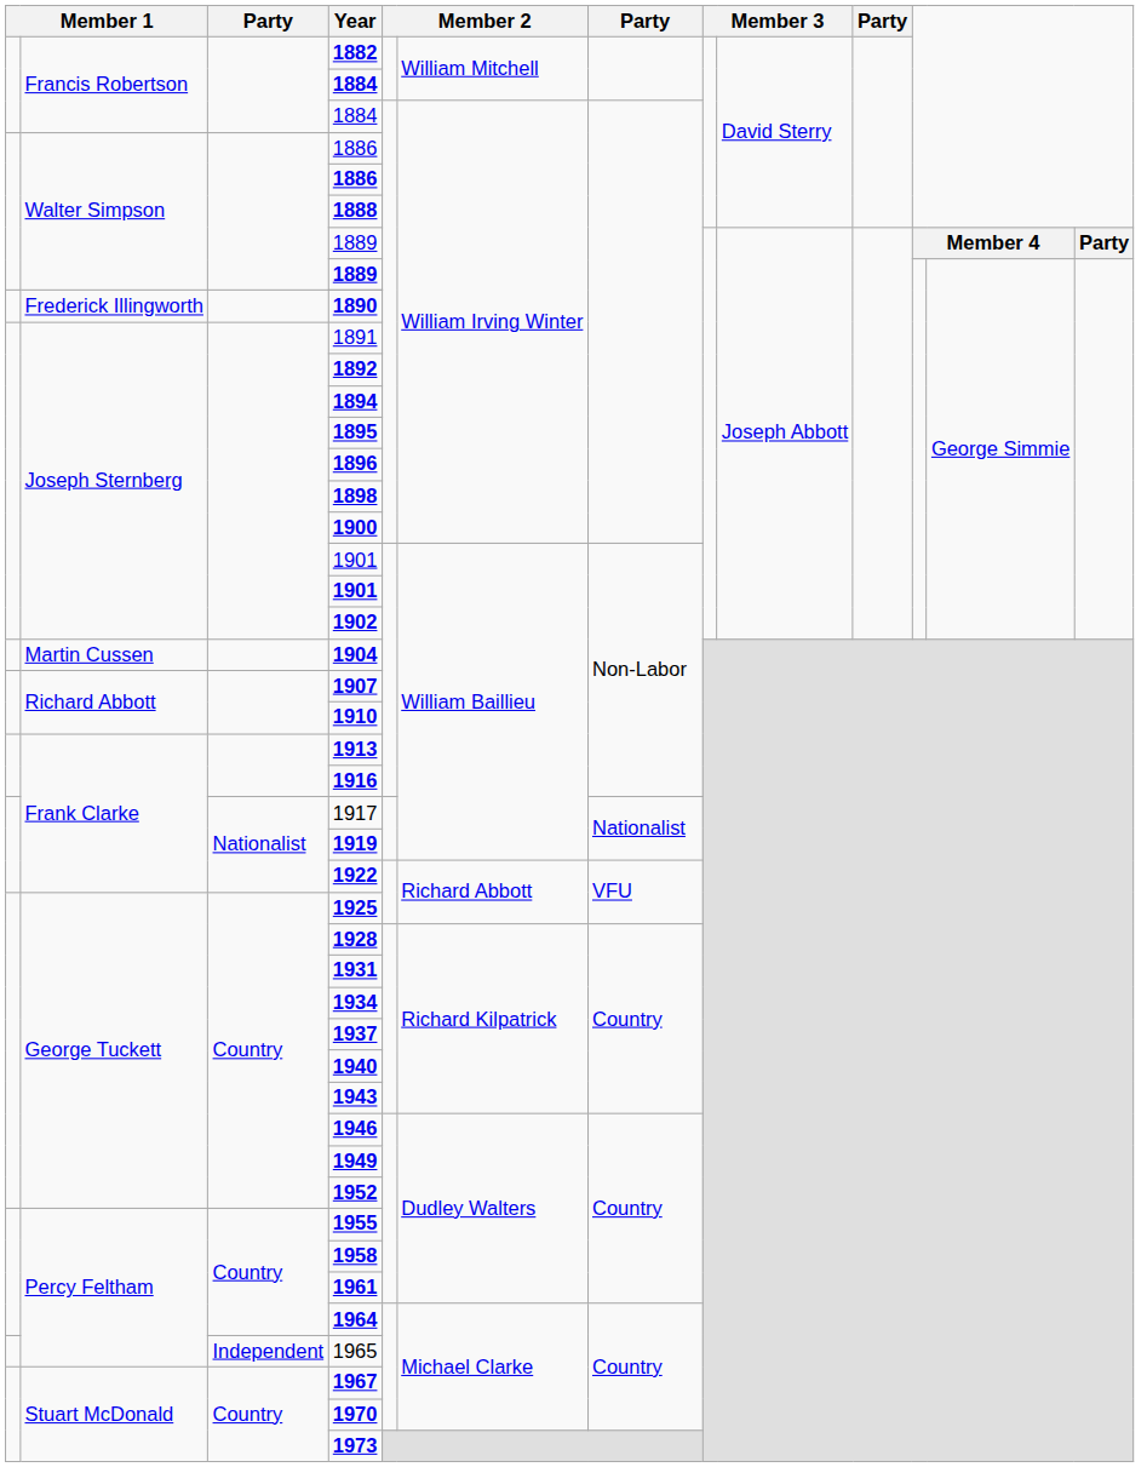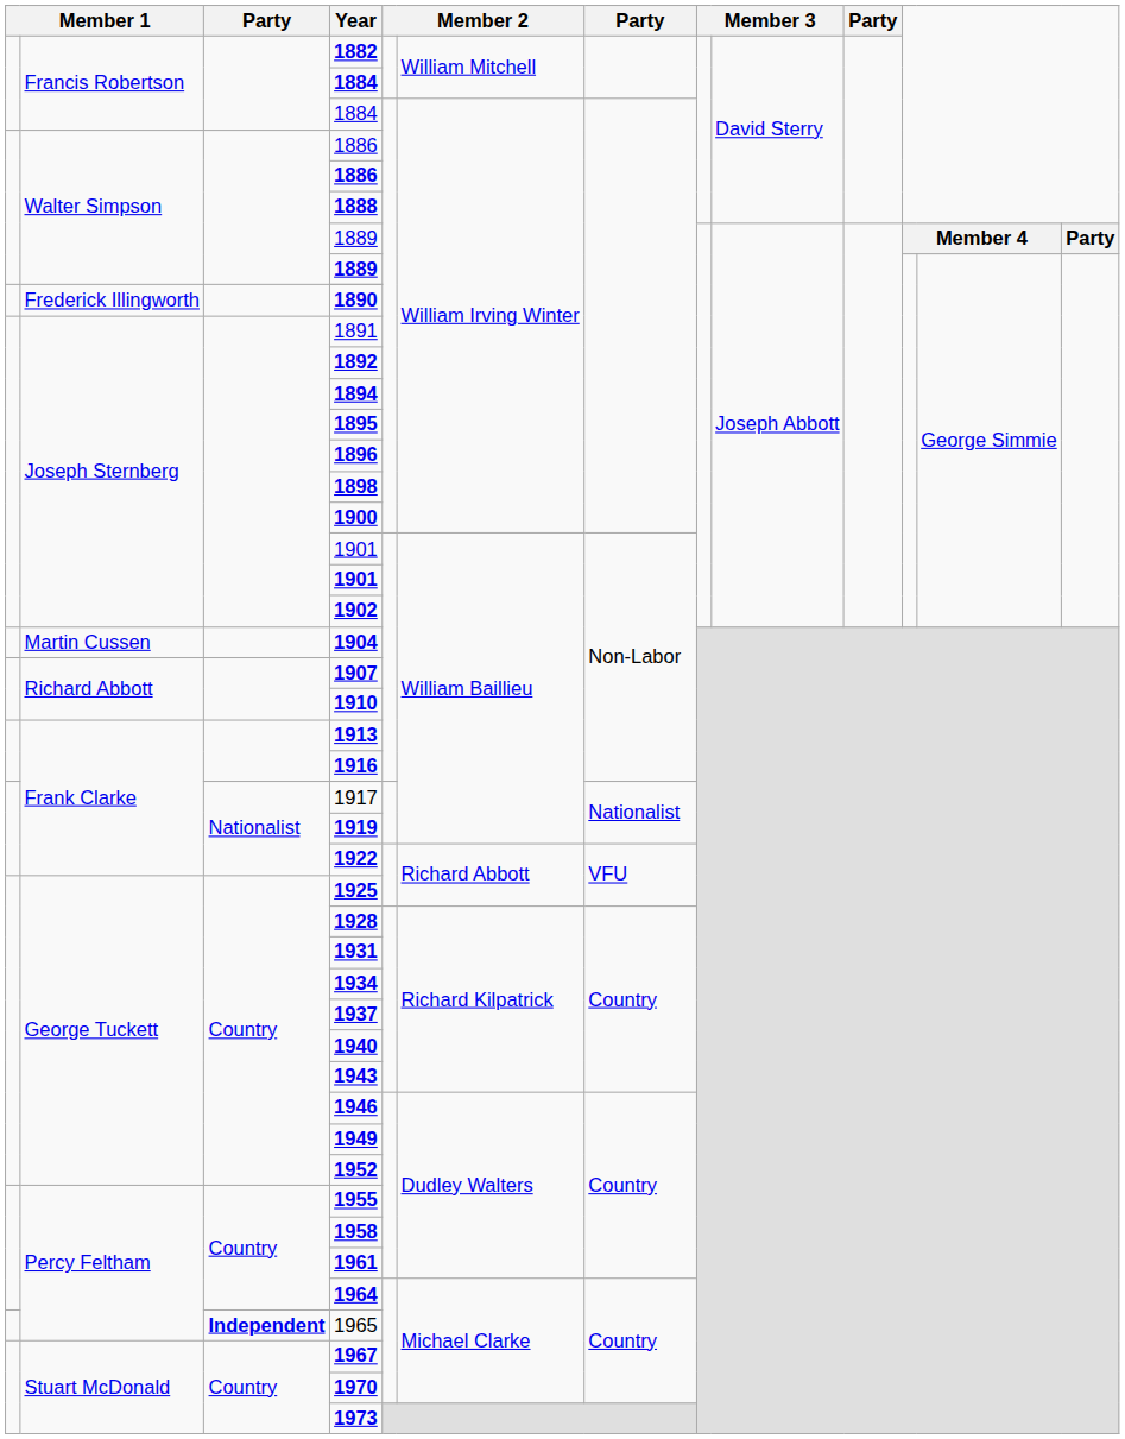 <table class="wikitable">
 <tr>
 <th colspan=2>Member 1</th>
 <th>Party</th>
 <th>Year</th>
 <th colspan=2>Member 2</th>
 <th>Party</th>
 <th colspan=2>Member 3</th>
 <th>Party</th>
 </tr>
 <tr>
 <td rowspan=3 > </td>
 <td rowspan=3><a href='#'>Francis Robertson</a></td>
 <td rowspan=3> </td>
 <td><strong><a href='#'>1882</a></strong></td>
 <td rowspan=2 > </td>
 <td rowspan=2><a href='#'>William Mitchell</a></td>
 <td rowspan=2> </td>
 <td rowspan=6 > </td>
 <td rowspan=6><a href='#'>David Sterry</a></td>
 <td rowspan=6> </td>
 </tr>
 <tr>
 <td><strong><a href='#'>1884</a></strong></td>
 </tr>
 <tr>
 <td><a href='#'>1884</a></td>
 <td rowspan=15 > </td>
 <td rowspan=15><a href='#'>William Irving Winter</a></td>
 <td rowspan=15> </td>
 </tr>
 <tr>
 <td rowspan=5 > </td>
 <td rowspan=5><a href='#'>Walter Simpson</a></td>
 <td rowspan=5> </td>
 <td><a href='#'>1886</a></td>
 </tr>
 <tr>
 <td><strong><a href='#'>1886</a></strong></td>
 </tr>
 <tr>
 <td><strong><a href='#'>1888</a></strong></td>
 </tr>
 <tr>
 <td><a href='#'>1889</a></td>
 <td rowspan=14 > </td>
 <td rowspan=14><a href='#'>Joseph Abbott</a></td>
 <td rowspan=14> </td>
 <th colspan=2>Member 4</th>
 <th>Party</th>
 </tr>
 <tr>
 <td><strong><a href='#'>1889</a></strong></td>
 <td rowspan=13 > </td>
 <td rowspan=13><a href='#'>George Simmie</a></td>
 <td rowspan=13> </td>
 </tr>
 <tr>
 <td rowspan=2 > </td>
 <td rowspan=2><a href='#'>Frederick Illingworth</a></td>
 <td rowspan=2> </td>
 </tr>
 <tr>
 <td><strong><a href='#'>1890</a></strong></td>
 </tr>
 <tr>
 <td rowspan=10 > </td>
 <td rowspan=10><a href='#'>Joseph Sternberg</a></td>
 <td rowspan=10> </td>
 <td><a href='#'>1891</a></td>
 </tr>
 <tr>
 <td><strong><a href='#'>1892</a></strong></td>
 </tr>
 <tr>
 <td><strong><a href='#'>1894</a></strong></td>
 </tr>
 <tr>
 <td><strong><a href='#'>1895</a></strong></td>
 </tr>
 <tr>
 <td><strong><a href='#'>1896</a></strong></td>
 </tr>
 <tr>
 <td><strong><a href='#'>1898</a></strong></td>
 </tr>
 <tr>
 <td><strong><a href='#'>1900</a></strong></td>
 </tr>
 <tr>
 <td><a href='#'>1901</a></td>
 <td rowspan=8 > </td>
 <td rowspan=10><a href='#'>William Baillieu</a></td>
 <td rowspan=8>Non-Labor  </td>
 </tr>
 <tr>
 <td><strong><a href='#'>1901</a></strong></td>
 </tr>
 <tr>
 <td><strong><a href='#'>1902</a></strong></td>
 </tr>
 <tr>
 <td> </td>
 <td><a href='#'>Martin Cussen</a></td>
 <td> </td>
 <td><strong><a href='#'>1904</a></strong></td>
 <td rowspan=26 colspan=6 bgcolor=#DFDFDF> </td>
 </tr>
 <tr>
 <td rowspan=2 > </td>
 <td rowspan=2><a href='#'>Richard Abbott</a></td>
 <td rowspan=2> </td>
 <td><strong><a href='#'>1907</a></strong></td>
 </tr>
 <tr>
 <td><strong><a href='#'>1910</a></strong></td>
 </tr>
 <tr>
 <td rowspan=2 > </td>
 <td rowspan=5><a href='#'>Frank Clarke</a></td>
 <td rowspan=2> </td>
 <td><strong><a href='#'>1913</a></strong></td>
 </tr>
 <tr>
 <td><strong><a href='#'>1916</a></strong></td>
 </tr>
 <tr>
 <td rowspan=3 > </td>
 <td rowspan=3><a href='#'>Nationalist</a></td>
 <td>1917</td>
 <td rowspan=2 > </td>
 <td rowspan=2><a href='#'>Nationalist</a></td>
 </tr>
 <tr>
 <td><strong><a href='#'>1919</a></strong></td>
 </tr>
 <tr>
 <td><strong><a href='#'>1922</a></strong></td>
 <td rowspan=2 > </td>
 <td rowspan=2><a href='#'>Richard Abbott</a></td>
 <td rowspan=2><a href='#'>VFU</a></td>
 </tr>
 <tr>
 <td rowspan=10 > </td>
 <td rowspan=10><a href='#'>George Tuckett</a></td>
 <td rowspan=10><a href='#'>Country</a></td>
 <td><strong><a href='#'>1925</a></strong></td>
 </tr>
 <tr>
 <td><strong><a href='#'>1928</a></strong></td>
 <td rowspan=6 > </td>
 <td rowspan=6><a href='#'>Richard Kilpatrick</a></td>
 <td rowspan=6><a href='#'>Country</a></td>
 </tr>
 <tr>
 <td><strong><a href='#'>1931</a></strong></td>
 </tr>
 <tr>
 <td><strong><a href='#'>1934</a></strong></td>
 </tr>
 <tr>
 <td><strong><a href='#'>1937</a></strong></td>
 </tr>
 <tr>
 <td><strong><a href='#'>1940</a></strong></td>
 </tr>
 <tr>
 <td><strong><a href='#'>1943</a></strong></td>
 </tr>
 <tr>
 <td><strong><a href='#'>1946</a></strong></td>
 <td rowspan=6 > </td>
 <td rowspan=6><a href='#'>Dudley Walters</a></td>
 <td rowspan=6><a href='#'>Country</a></td>
 </tr>
 <tr>
 <td><strong><a href='#'>1949</a></strong></td>
 </tr>
 <tr>
 <td><strong><a href='#'>1952</a></strong></td>
 </tr>
 <tr>
 <td rowspan=4 > </td>
 <td rowspan=5><a href='#'>Percy Feltham</a></td>
 <td rowspan=4><a href='#'>Country</a></td>
 <td><strong><a href='#'>1955</a></strong></td>
 </tr>
 <tr>
 <td><strong><a href='#'>1958</a></strong></td>
 </tr>
 <tr>
 <td><strong><a href='#'>1961</a></strong></td>
 </tr>
 <tr>
 <td><strong><a href='#'>1964</a></strong></td>
 <td rowspan=4 > </td>
 <td rowspan=4><a href='#'>Michael Clarke</a></td>
 <td rowspan=4><a href='#'>Country</a></td>
 </tr>
 <tr>
 <td> </td>
-<td><a href='#'>Independent</a></td>
+<td><strong><a href='#'>Independent</a></strong></td>
 <td>1965</td>
 </tr>
 <tr>
 <td rowspan=3 > </td>
 <td rowspan=3><a href='#'>Stuart McDonald</a></td>
 <td rowspan=3><a href='#'>Country</a></td>
 <td><strong><a href='#'>1967</a></strong></td>
 </tr>
 <tr>
 <td><strong><a href='#'>1970</a></strong></td>
 </tr>
 <tr>
 <td><strong><a href='#'>1973</a></strong></td>
 <td colspan=3 bgcolor=#DFDFDF> </td>
 </tr>
 </table>
